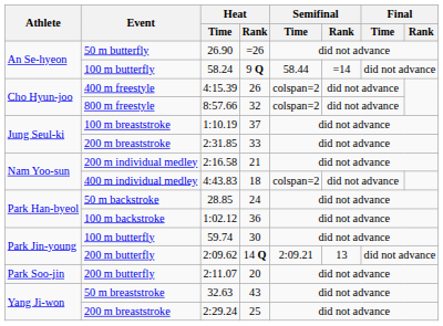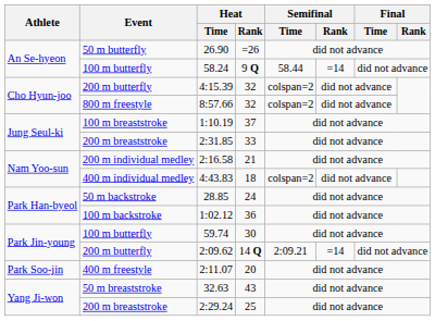 <table class=wikitable style="font-size:90%">
 <tr>
 <th rowspan="2">Athlete</th>
 <th rowspan="2">Event</th>
 <th colspan="2">Heat</th>
 <th colspan="2">Semifinal</th>
 <th colspan="2">Final</th>
 </tr>
 <tr style="font-size:95%">
 <th>Time</th>
 <th>Rank</th>
 <th>Time</th>
 <th>Rank</th>
 <th>Time</th>
 <th>Rank</th>
 </tr>
 <tr align=center>
 <td align=left rowspan=2><a href='#'>An Se-hyeon</a></td>
 <td align=left><a href='#'>50 m butterfly</a></td>
 <td>26.90</td>
 <td>=26</td>
 <td colspan=4>did not advance</td>
 </tr>
 <tr align=center>
 <td align=left><a href='#'>100 m butterfly</a></td>
 <td>58.24</td>
 <td>9 <strong>Q</strong></td>
 <td>58.44</td>
 <td>=14</td>
 <td colspan=2>did not advance</td>
 </tr>
 <tr align=center>
 <td align=left rowspan=2><a href='#'>Cho Hyun-joo</a></td>
-<td align=left><a href='#'>400 m freestyle</a></td>
+<td align=left><a href='#'>200 m butterfly</a></td>
 <td>4:15.39</td>
-<td>26</td>
+<td>32</td>
 <td>colspan=2 </td>
 <td colspan=2>did not advance</td>
 </tr>
 <tr align=center>
 <td align=left><a href='#'>800 m freestyle</a></td>
 <td>8:57.66</td>
 <td>32</td>
 <td>colspan=2 </td>
 <td colspan=2>did not advance</td>
 </tr>
 <tr align=center>
 <td align=left rowspan=2><a href='#'>Jung Seul-ki</a></td>
 <td align=left><a href='#'>100 m breaststroke</a></td>
 <td>1:10.19</td>
 <td>37</td>
 <td colspan=4>did not advance</td>
 </tr>
 <tr align=center>
 <td align=left><a href='#'>200 m breaststroke</a></td>
 <td>2:31.85</td>
 <td>33</td>
 <td colspan=4>did not advance</td>
 </tr>
 <tr align=center>
 <td align=left rowspan=2><a href='#'>Nam Yoo-sun</a></td>
 <td align=left><a href='#'>200 m individual medley</a></td>
 <td>2:16.58</td>
 <td>21</td>
 <td colspan=4>did not advance</td>
 </tr>
 <tr align=center>
 <td align=left><a href='#'>400 m individual medley</a></td>
 <td>4:43.83</td>
 <td>18</td>
 <td>colspan=2 </td>
 <td colspan=2>did not advance</td>
 </tr>
 <tr align=center>
 <td align=left rowspan=2><a href='#'>Park Han-byeol</a></td>
 <td align=left><a href='#'>50 m backstroke</a></td>
 <td>28.85</td>
 <td>24</td>
 <td colspan=4>did not advance</td>
 </tr>
 <tr align=center>
 <td align=left><a href='#'>100 m backstroke</a></td>
 <td>1:02.12</td>
 <td>36</td>
 <td colspan=4>did not advance</td>
 </tr>
 <tr align=center>
 <td align=left rowspan=2><a href='#'>Park Jin-young</a></td>
 <td align=left><a href='#'>100 m butterfly</a></td>
 <td>59.74</td>
 <td>30</td>
 <td colspan=4>did not advance</td>
 </tr>
 <tr align=center>
 <td align=left><a href='#'>200 m butterfly</a></td>
 <td>2:09.62</td>
 <td>14 <strong>Q</strong></td>
 <td>2:09.21</td>
-<td>13</td>
+<td>=14</td>
 <td colspan=2>did not advance</td>
 </tr>
 <tr align=center>
 <td align=left><a href='#'>Park Soo-jin</a></td>
-<td align=left><a href='#'>200 m butterfly</a></td>
+<td align=left><a href='#'>400 m freestyle</a></td>
 <td>2:11.07</td>
 <td>20</td>
 <td colspan=4>did not advance</td>
 </tr>
 <tr align=center>
 <td align=left rowspan=2><a href='#'>Yang Ji-won</a></td>
 <td align=left><a href='#'>50 m breaststroke</a></td>
 <td>32.63</td>
 <td>43</td>
 <td colspan=4>did not advance</td>
 </tr>
 <tr align=center>
 <td align=left><a href='#'>200 m breaststroke</a></td>
 <td>2:29.24</td>
 <td>25</td>
 <td colspan=4>did not advance</td>
 </tr>
 </table>
